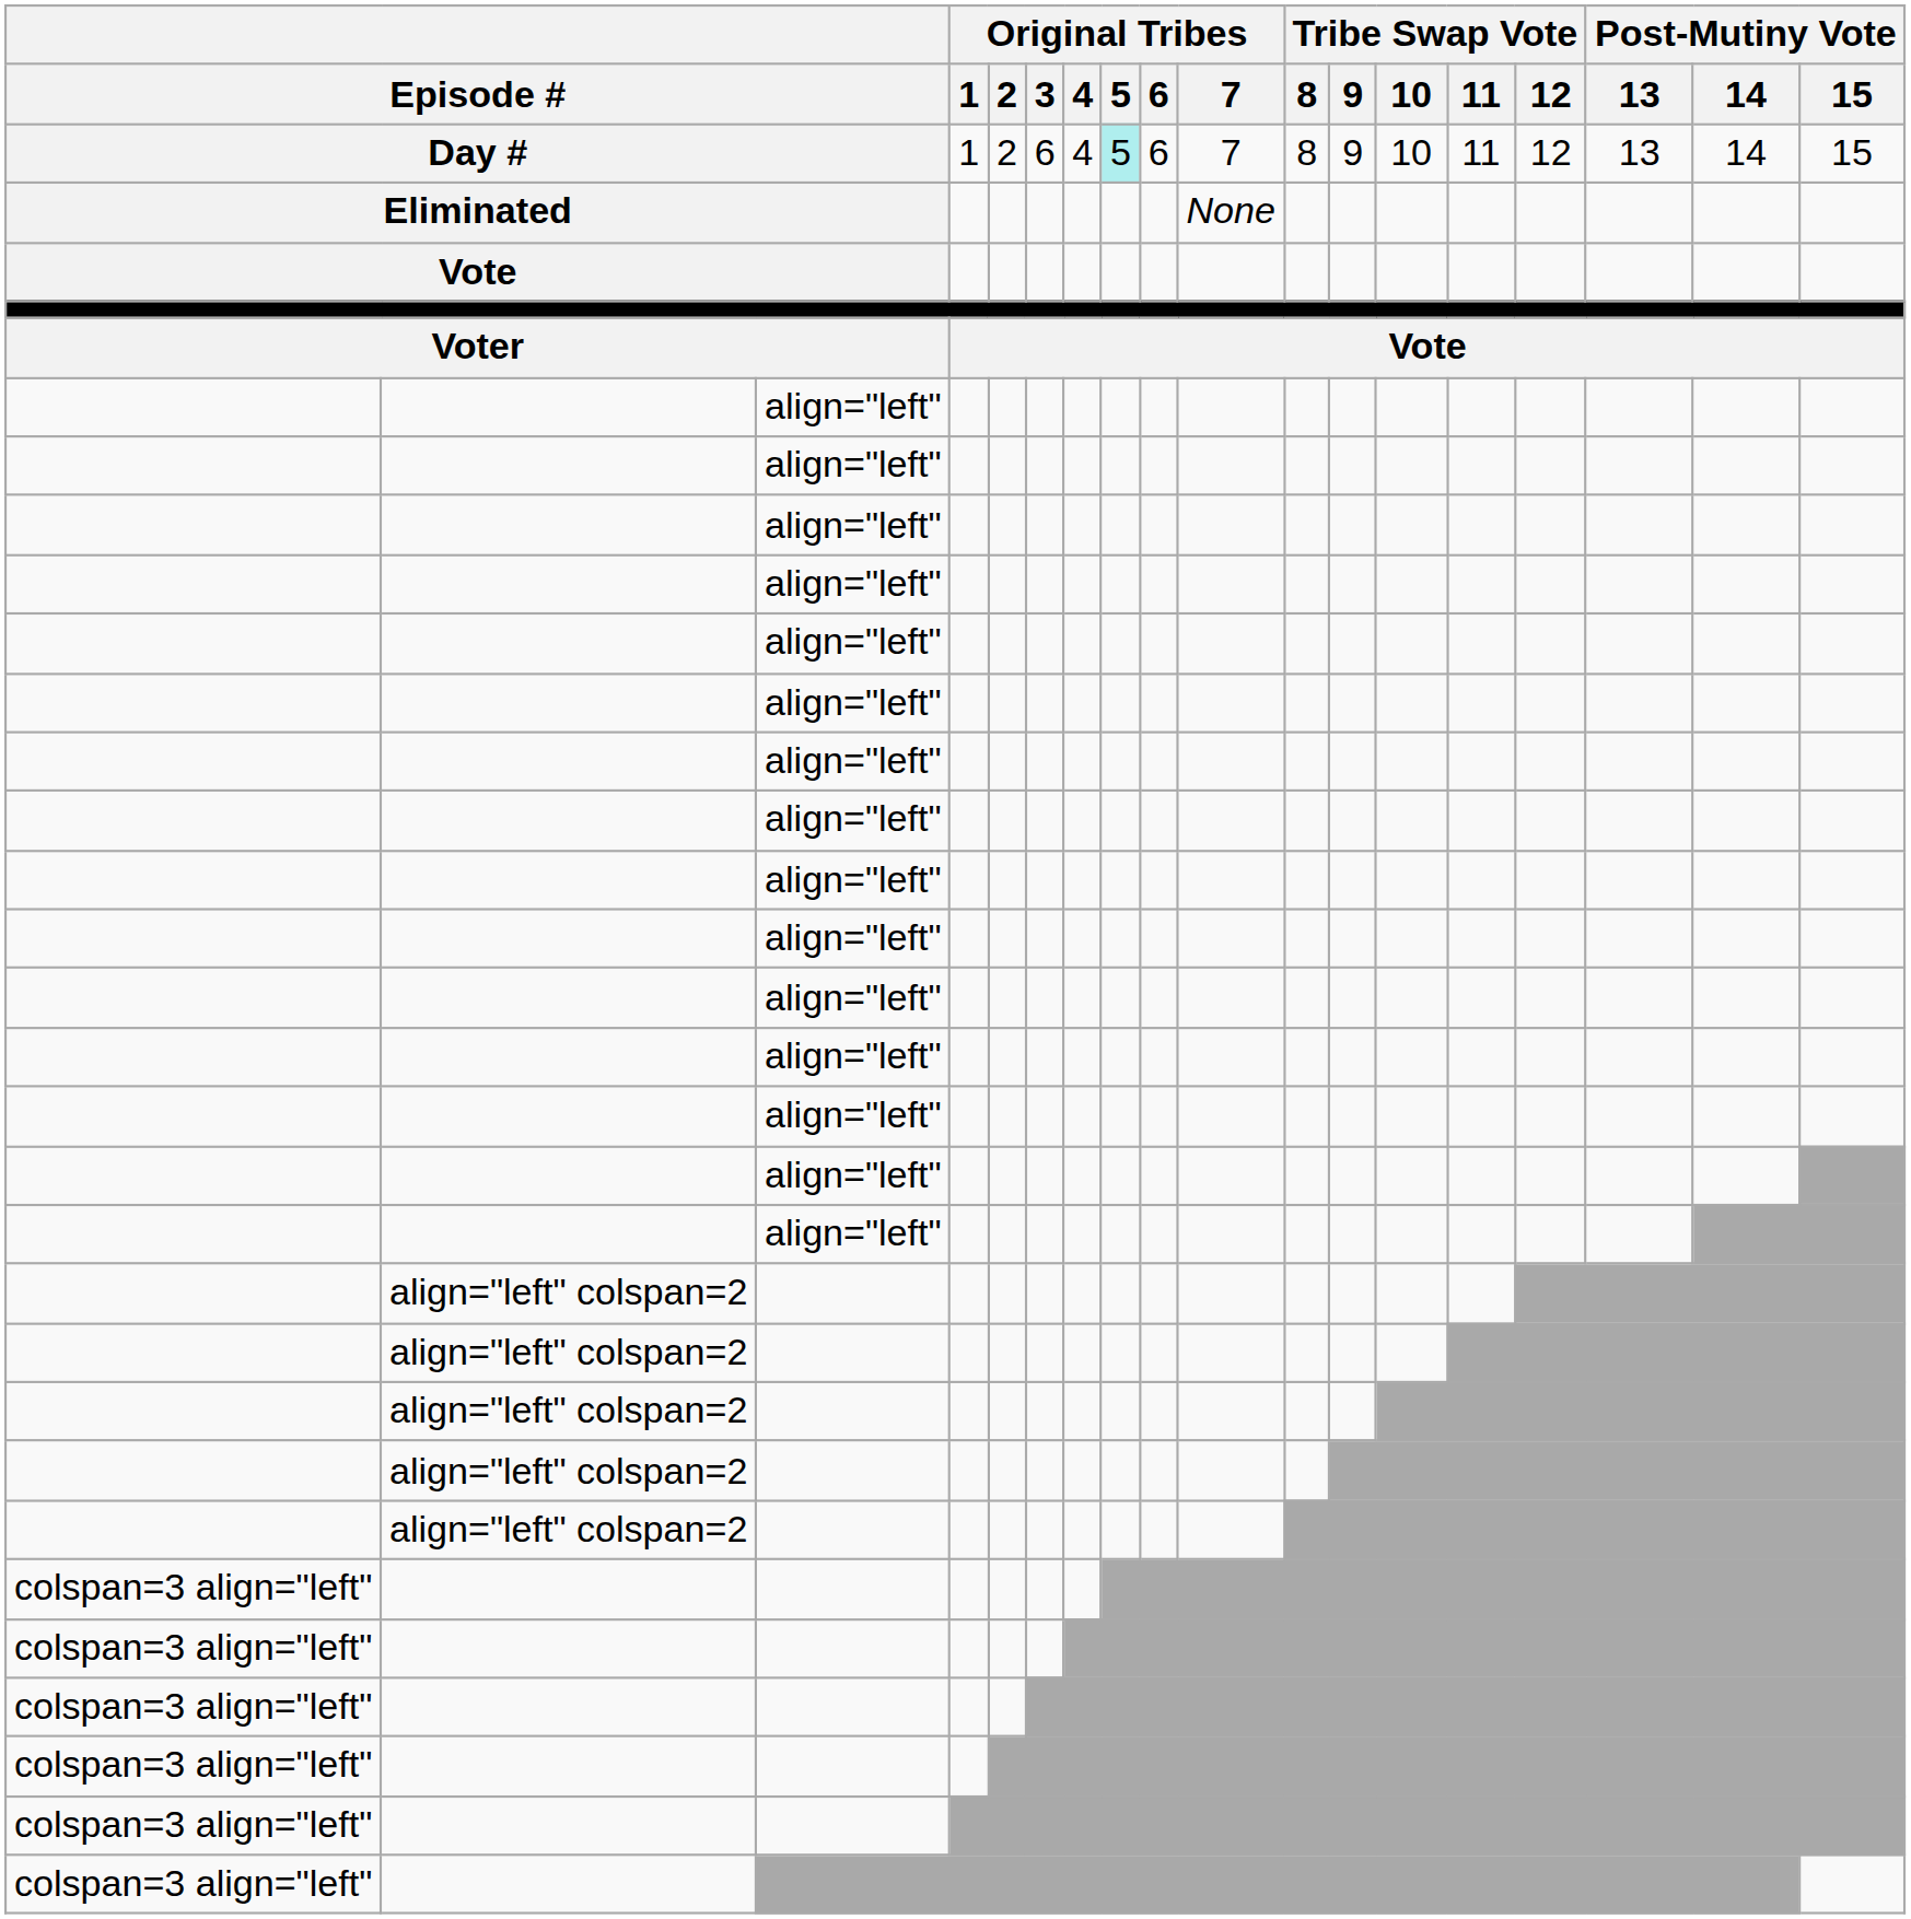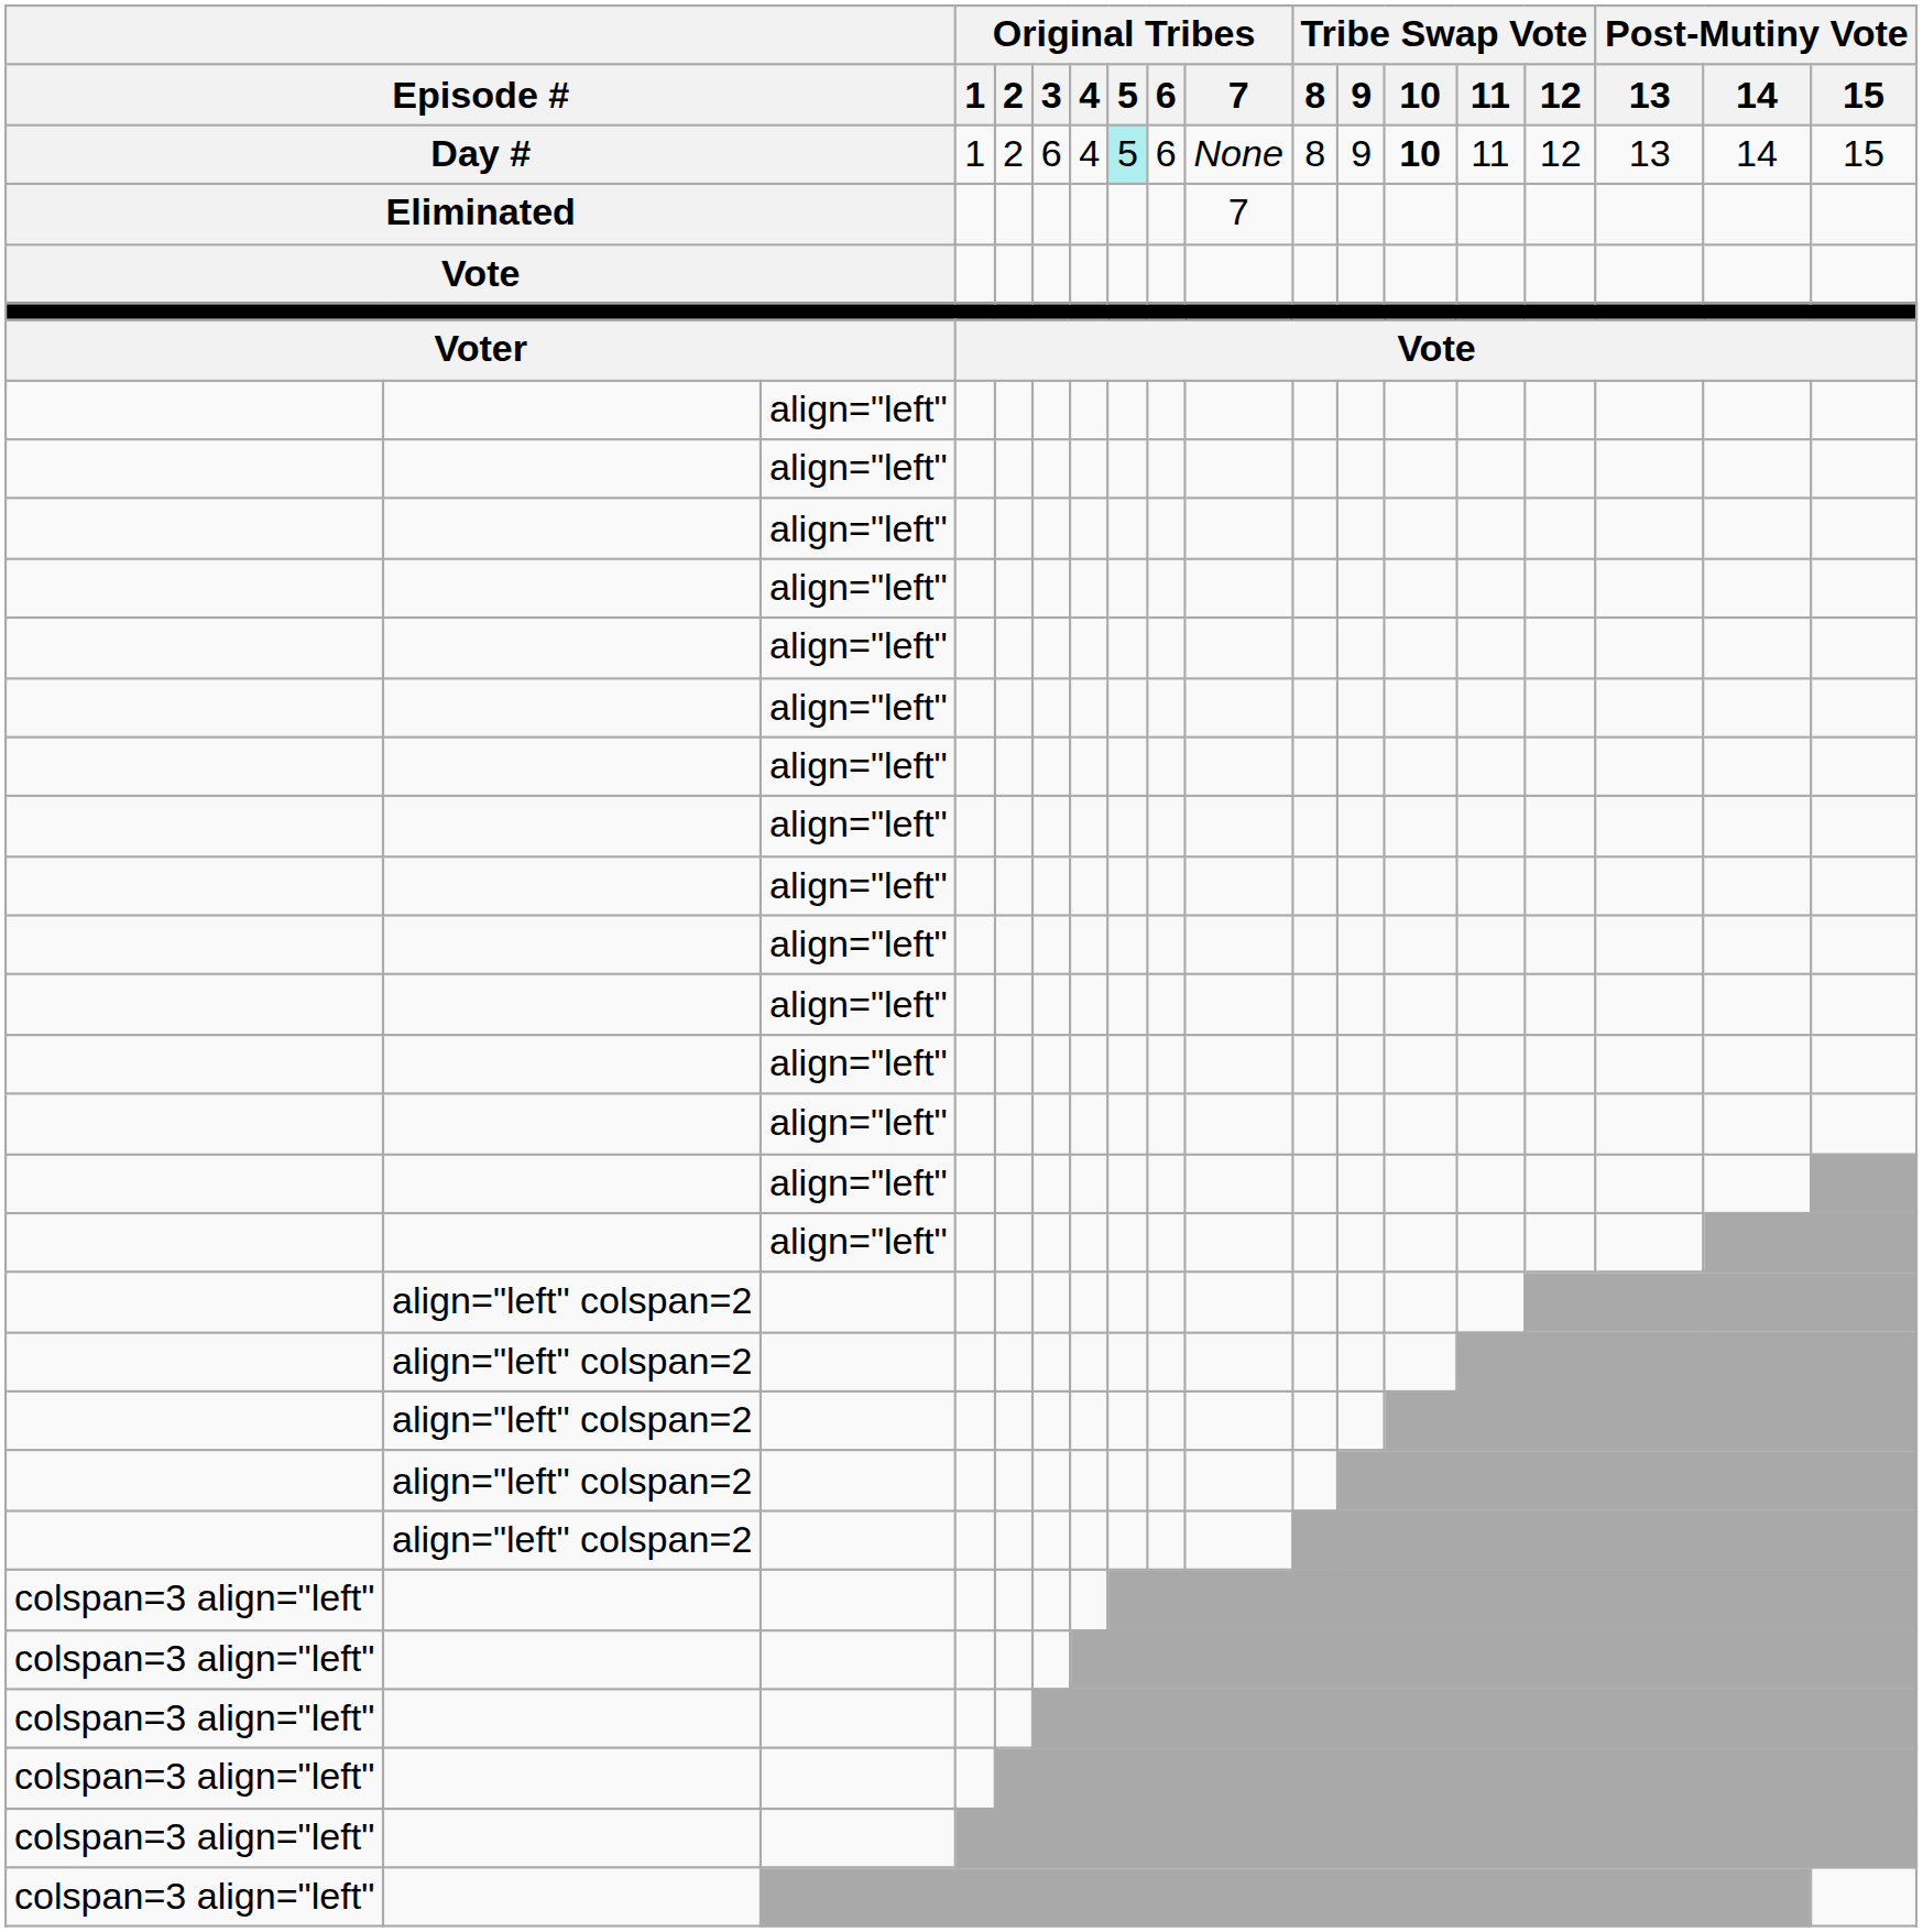 <table class="wikitable nowrap" style="text-align:center;">
 <tr>
 <th colspan="3"></th>
 <th colspan="7">Original Tribes</th>
 <th colspan="5">Tribe Swap Vote</th>
 <th colspan="3">Post-Mutiny Vote</th>
 </tr>
 <tr>
 <th colspan="3">Episode #</th>
 <th>1</th>
 <th>2</th>
 <th>3</th>
 <th>4</th>
 <th>5</th>
 <th>6</th>
 <th>7</th>
 <th>8</th>
 <th>9</th>
 <th>10</th>
 <th>11</th>
 <th>12</th>
 <th>13</th>
 <th>14</th>
 <th>15</th>
 </tr>
 <tr>
 <th colspan="3">Day #</th>
 <td>1</td>
 <td>2</td>
 <td>6</td>
 <td>4</td>
 <td style="background: paleturquoise;">5</td>
 <td>6</td>
-<td>7</td>
+<td><em>None</em></td>
 <td>8</td>
 <td>9</td>
-<td>10</td>
+<td><strong>10</strong></td>
 <td>11</td>
 <td>12</td>
 <td>13</td>
 <td>14</td>
 <td>15</td>
 </tr>
 <tr>
 <th colspan="3">Eliminated</th>
 <td></td>
 <td></td>
 <td></td>
 <td></td>
 <td></td>
 <td></td>
-<td><em>None</em></td>
+<td>7</td>
 <td></td>
 <td></td>
 <td></td>
 <td></td>
 <td></td>
 <td></td>
 <td></td>
 <td></td>
 </tr>
 <tr>
 <th colspan="3">Vote</th>
 <td></td>
 <td></td>
 <td></td>
 <td></td>
 <td></td>
 <td></td>
 <td></td>
 <td></td>
 <td></td>
 <td></td>
 <td></td>
 <td></td>
 <td></td>
 <td></td>
 <td></td>
 </tr>
 <tr>
 <td colspan="23" bgcolor="black"></td>
 </tr>
 <tr>
 <th colspan="3">Voter</th>
 <th colspan="26">Vote</th>
 </tr>
 <tr>
 <td></td>
 <td></td>
 <td>align="left" </td>
 <td></td>
 <td></td>
 <td></td>
 <td></td>
 <td></td>
 <td></td>
 <td></td>
 <td></td>
 <td></td>
 <td></td>
 <td></td>
 <td></td>
 <td></td>
 <td></td>
 <td></td>
 </tr>
 <tr>
 <td></td>
 <td></td>
 <td>align="left" </td>
 <td></td>
 <td></td>
 <td></td>
 <td></td>
 <td></td>
 <td></td>
 <td></td>
 <td></td>
 <td></td>
 <td></td>
 <td></td>
 <td></td>
 <td></td>
 <td></td>
 <td></td>
 </tr>
 <tr>
 <td></td>
 <td></td>
 <td>align="left" </td>
 <td></td>
 <td></td>
 <td></td>
 <td></td>
 <td></td>
 <td></td>
 <td></td>
 <td></td>
 <td></td>
 <td></td>
 <td></td>
 <td></td>
 <td></td>
 <td></td>
 <td></td>
 </tr>
 <tr>
 <td></td>
 <td></td>
 <td>align="left" </td>
 <td></td>
 <td></td>
 <td></td>
 <td></td>
 <td></td>
 <td></td>
 <td></td>
 <td></td>
 <td></td>
 <td></td>
 <td></td>
 <td></td>
 <td></td>
 <td></td>
 <td></td>
 </tr>
 <tr>
 <td></td>
 <td></td>
 <td>align="left" </td>
 <td></td>
 <td></td>
 <td></td>
 <td></td>
 <td></td>
 <td></td>
 <td></td>
 <td></td>
 <td></td>
 <td></td>
 <td></td>
 <td></td>
 <td></td>
 <td></td>
 <td></td>
 </tr>
 <tr>
 <td></td>
 <td></td>
 <td>align="left" </td>
 <td></td>
 <td></td>
 <td></td>
 <td></td>
 <td></td>
 <td></td>
 <td></td>
 <td></td>
 <td></td>
 <td></td>
 <td></td>
 <td></td>
 <td></td>
 <td></td>
 <td></td>
 </tr>
 <tr>
 <td></td>
 <td></td>
 <td>align="left" </td>
 <td></td>
 <td></td>
 <td></td>
 <td></td>
 <td></td>
 <td></td>
 <td></td>
 <td></td>
 <td></td>
 <td></td>
 <td></td>
 <td></td>
 <td></td>
 <td></td>
 <td></td>
 </tr>
 <tr>
 <td></td>
 <td></td>
 <td>align="left" </td>
 <td></td>
 <td></td>
 <td></td>
 <td></td>
 <td></td>
 <td></td>
 <td></td>
 <td></td>
 <td></td>
 <td></td>
 <td></td>
 <td></td>
 <td></td>
 <td></td>
 <td></td>
 </tr>
 <tr>
 <td></td>
 <td></td>
 <td>align="left" </td>
 <td></td>
 <td></td>
 <td></td>
 <td></td>
 <td></td>
 <td></td>
 <td></td>
 <td></td>
 <td></td>
 <td></td>
 <td></td>
 <td></td>
 <td></td>
 <td></td>
 <td></td>
 </tr>
 <tr>
 <td></td>
 <td></td>
 <td>align="left" </td>
 <td></td>
 <td></td>
 <td></td>
 <td></td>
 <td></td>
 <td></td>
 <td></td>
 <td></td>
 <td></td>
 <td></td>
 <td></td>
 <td></td>
 <td></td>
 <td></td>
 <td></td>
 </tr>
 <tr>
 <td></td>
 <td></td>
 <td>align="left" </td>
 <td></td>
 <td></td>
 <td></td>
 <td></td>
 <td></td>
 <td></td>
 <td></td>
 <td></td>
 <td></td>
 <td></td>
 <td></td>
 <td></td>
 <td></td>
 <td></td>
 <td></td>
 </tr>
 <tr>
 <td></td>
 <td></td>
 <td>align="left" </td>
 <td></td>
 <td></td>
 <td></td>
 <td></td>
 <td></td>
 <td></td>
 <td></td>
 <td></td>
 <td></td>
 <td></td>
 <td></td>
 <td></td>
 <td></td>
 <td></td>
 <td></td>
 </tr>
 <tr>
 <td></td>
 <td></td>
 <td>align="left" </td>
 <td></td>
 <td></td>
 <td></td>
 <td></td>
 <td></td>
 <td></td>
 <td></td>
 <td></td>
 <td></td>
 <td></td>
 <td></td>
 <td></td>
 <td></td>
 <td></td>
 <td></td>
 </tr>
 <tr>
 <td></td>
 <td></td>
 <td>align="left" </td>
 <td></td>
 <td></td>
 <td></td>
 <td></td>
 <td></td>
 <td></td>
 <td></td>
 <td></td>
 <td></td>
 <td></td>
 <td></td>
 <td></td>
 <td></td>
 <td></td>
 <td colspan="15" style="background:darkgrey;"></td>
 </tr>
 <tr>
 <td></td>
 <td></td>
 <td>align="left" </td>
 <td></td>
 <td></td>
 <td></td>
 <td></td>
 <td></td>
 <td></td>
 <td></td>
 <td></td>
 <td></td>
 <td></td>
 <td></td>
 <td></td>
 <td></td>
 <td colspan="15" style="background:darkgrey;"></td>
 </tr>
 <tr>
 <td></td>
 <td>align="left" colspan=2 </td>
 <td></td>
 <td></td>
 <td></td>
 <td></td>
 <td></td>
 <td></td>
 <td></td>
 <td></td>
 <td></td>
 <td></td>
 <td></td>
 <td></td>
 <td colspan="15" style="background:darkgrey;"></td>
 </tr>
 <tr>
 <td></td>
 <td>align="left" colspan=2 </td>
 <td></td>
 <td></td>
 <td></td>
 <td></td>
 <td></td>
 <td></td>
 <td></td>
 <td></td>
 <td></td>
 <td></td>
 <td></td>
 <td colspan="15" style="background:darkgrey;"></td>
 </tr>
 <tr>
 <td></td>
 <td>align="left" colspan=2 </td>
 <td></td>
 <td></td>
 <td></td>
 <td></td>
 <td></td>
 <td></td>
 <td></td>
 <td></td>
 <td></td>
 <td></td>
 <td colspan="15" style="background:darkgrey;"></td>
 </tr>
 <tr>
 <td></td>
 <td>align="left" colspan=2 </td>
 <td></td>
 <td></td>
 <td></td>
 <td></td>
 <td></td>
 <td></td>
 <td></td>
 <td></td>
 <td></td>
 <td colspan="15" style="background:darkgrey;"></td>
 </tr>
 <tr>
 <td></td>
 <td>align="left" colspan=2 </td>
 <td></td>
 <td></td>
 <td></td>
 <td></td>
 <td></td>
 <td></td>
 <td></td>
 <td></td>
 <td colspan="15" style="background:darkgrey;"></td>
 </tr>
 <tr>
 <td>colspan=3 align="left" </td>
 <td></td>
 <td></td>
 <td></td>
 <td></td>
 <td></td>
 <td></td>
 <td colspan="15" style="background:darkgrey;"></td>
 </tr>
 <tr>
 <td>colspan=3 align="left" </td>
 <td></td>
 <td></td>
 <td></td>
 <td></td>
 <td></td>
 <td colspan="15" style="background:darkgrey;"></td>
 </tr>
 <tr>
 <td>colspan=3 align="left" </td>
 <td></td>
 <td></td>
 <td></td>
 <td></td>
 <td colspan="15" style="background:darkgrey;"></td>
 </tr>
 <tr>
 <td>colspan=3 align="left" </td>
 <td></td>
 <td></td>
 <td></td>
 <td colspan="15" style="background:darkgrey;"></td>
 </tr>
 <tr>
 <td>colspan=3 align="left" </td>
 <td></td>
 <td></td>
 <td colspan="15" style="background:darkgrey;"></td>
 </tr>
 <tr>
 <td>colspan=3 align="left" </td>
 <td></td>
 <td colspan="15" style="background:darkgrey;"></td>
 </tr>
 </table>
